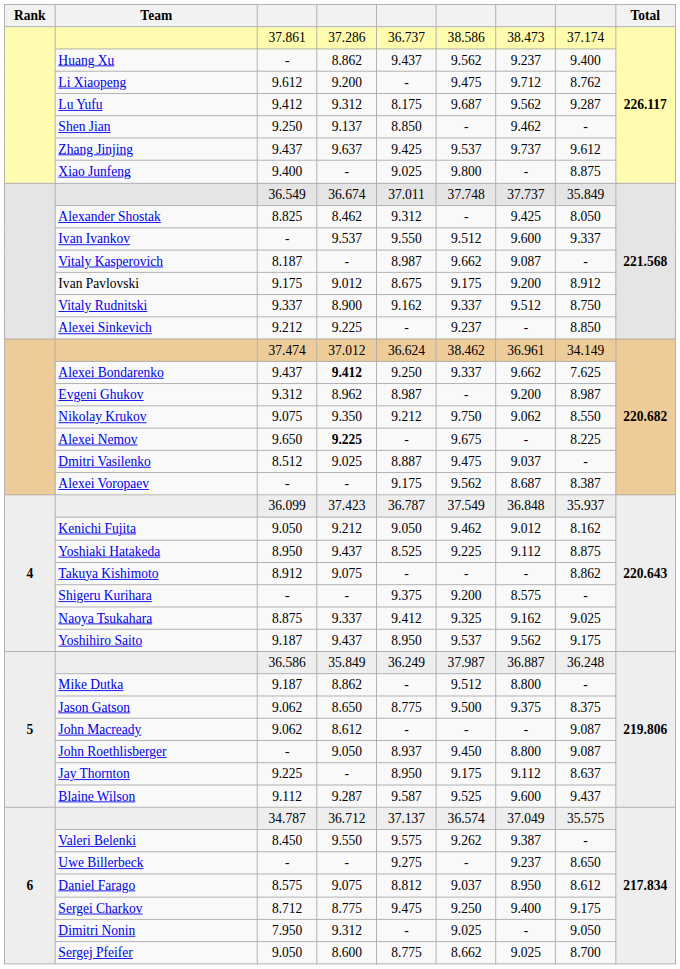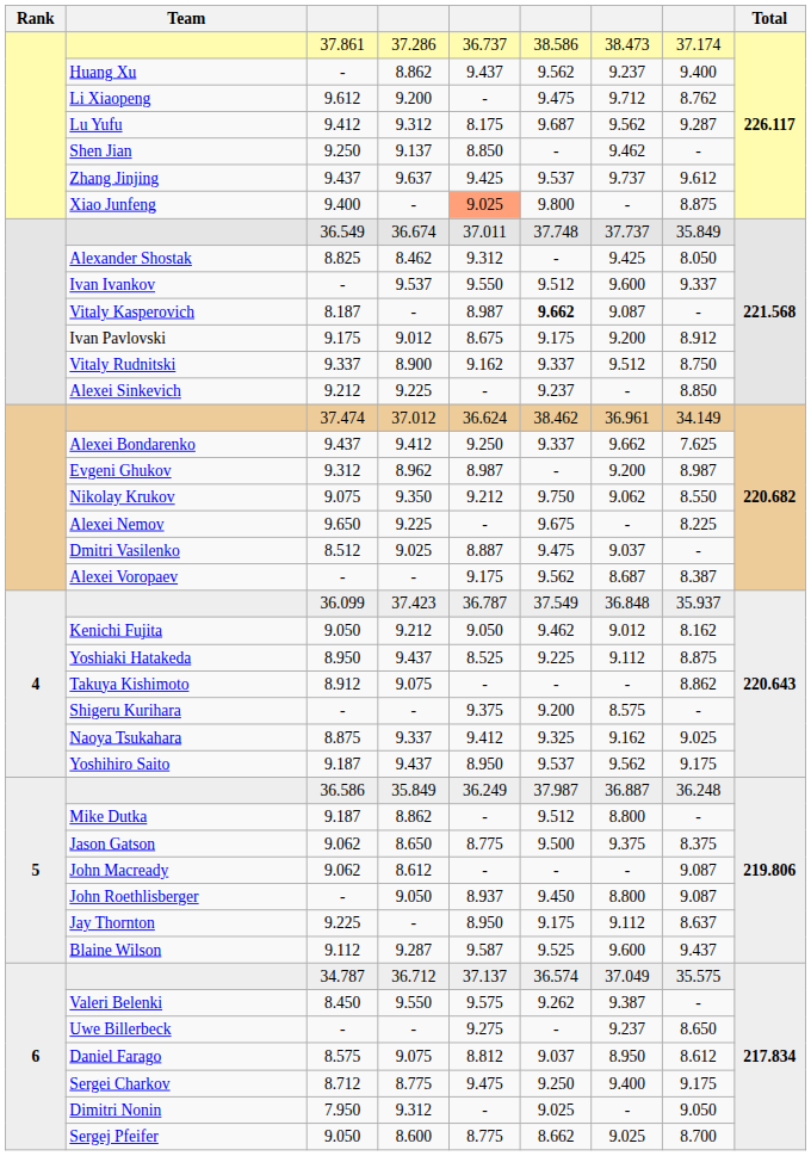 <table class="wikitable" style="text-align:center; font-size:95%">
 <tr>
 <th style="width:50px;">Rank</th>
 <th style="width:220px;">Team</th>
 <th style="width:60px;"></th>
 <th style="width:60px;"></th>
 <th style="width:60px;"></th>
 <th style="width:60px;"></th>
 <th style="width:60px;"></th>
 <th style="width:60px;"></th>
 <th style="width:60px;">Total</th>
 </tr>
 <tr style="background:#fffcaf;">
 <td rowspan=7></td>
 <td style="text-align:left;"><strong></strong></td>
 <td>37.861</td>
 <td>37.286</td>
 <td>36.737</td>
 <td>38.586</td>
 <td>38.473</td>
 <td>37.174</td>
 <td rowspan=7><strong>226.117</strong></td>
 </tr>
 <tr>
 <td style="text-align:left;"><a href='#'>Huang Xu</a></td>
 <td>-</td>
 <td>8.862</td>
 <td>9.437</td>
 <td>9.562</td>
 <td>9.237</td>
 <td>9.400</td>
 </tr>
 <tr>
 <td style="text-align:left;"><a href='#'>Li Xiaopeng</a></td>
 <td>9.612</td>
 <td>9.200</td>
 <td>-</td>
 <td>9.475</td>
 <td>9.712</td>
 <td>8.762</td>
 </tr>
 <tr>
 <td style="text-align:left;"><a href='#'>Lu Yufu</a></td>
 <td>9.412</td>
 <td>9.312</td>
 <td>8.175</td>
 <td>9.687</td>
 <td>9.562</td>
 <td>9.287</td>
 </tr>
 <tr>
 <td style="text-align:left;"><a href='#'>Shen Jian</a></td>
 <td>9.250</td>
 <td>9.137</td>
 <td>8.850</td>
 <td>-</td>
 <td>9.462</td>
 <td>-</td>
 </tr>
 <tr>
 <td style="text-align:left;"><a href='#'>Zhang Jinjing</a></td>
 <td>9.437</td>
 <td>9.637</td>
 <td>9.425</td>
 <td>9.537</td>
 <td>9.737</td>
 <td>9.612</td>
 </tr>
 <tr>
 <td style="text-align:left;"><a href='#'>Xiao Junfeng</a></td>
 <td>9.400</td>
 <td>-</td>
-<td>9.025</td>
+<td style="background: lightsalmon;">9.025</td>
 <td>9.800</td>
 <td>-</td>
 <td>8.875</td>
 </tr>
 <tr style="background:#e5e5e5;">
 <td rowspan=7></td>
 <td style="text-align:left;"><strong></strong></td>
 <td>36.549</td>
 <td>36.674</td>
 <td>37.011</td>
 <td>37.748</td>
 <td>37.737</td>
 <td>35.849</td>
 <td rowspan=7><strong>221.568</strong></td>
 </tr>
 <tr>
 <td style="text-align:left;"><a href='#'>Alexander Shostak</a></td>
 <td>8.825</td>
 <td>8.462</td>
 <td>9.312</td>
 <td>-</td>
 <td>9.425</td>
 <td>8.050</td>
 </tr>
 <tr>
 <td style="text-align:left;"><a href='#'>Ivan Ivankov</a></td>
 <td>-</td>
 <td>9.537</td>
 <td>9.550</td>
 <td>9.512</td>
 <td>9.600</td>
 <td>9.337</td>
 </tr>
 <tr>
 <td style="text-align:left;"><a href='#'>Vitaly Kasperovich</a></td>
 <td>8.187</td>
 <td>-</td>
 <td>8.987</td>
-<td>9.662</td>
+<td><strong>9.662</strong></td>
 <td>9.087</td>
 <td>-</td>
 </tr>
 <tr>
 <td style="text-align:left;">Ivan Pavlovski</td>
 <td>9.175</td>
 <td>9.012</td>
 <td>8.675</td>
 <td>9.175</td>
 <td>9.200</td>
 <td>8.912</td>
 </tr>
 <tr>
 <td style="text-align:left;"><a href='#'>Vitaly Rudnitski</a></td>
 <td>9.337</td>
 <td>8.900</td>
 <td>9.162</td>
 <td>9.337</td>
 <td>9.512</td>
 <td>8.750</td>
 </tr>
 <tr>
 <td style="text-align:left;"><a href='#'>Alexei Sinkevich</a></td>
 <td>9.212</td>
 <td>9.225</td>
 <td>-</td>
 <td>9.237</td>
 <td>-</td>
 <td>8.850</td>
 </tr>
 <tr style="background:#ec9;">
 <td rowspan=7></td>
 <td style="text-align:left;"><strong></strong></td>
 <td>37.474</td>
 <td>37.012</td>
 <td>36.624</td>
 <td>38.462</td>
 <td>36.961</td>
 <td>34.149</td>
 <td rowspan=7><strong>220.682</strong></td>
 </tr>
 <tr>
 <td style="text-align:left;"><a href='#'>Alexei Bondarenko</a></td>
 <td>9.437</td>
-<td><strong>9.412</strong></td>
+<td>9.412</td>
 <td>9.250</td>
 <td>9.337</td>
 <td>9.662</td>
 <td>7.625</td>
 </tr>
 <tr>
 <td style="text-align:left;"><a href='#'>Evgeni Ghukov</a></td>
 <td>9.312</td>
 <td>8.962</td>
 <td>8.987</td>
 <td>-</td>
 <td>9.200</td>
 <td>8.987</td>
 </tr>
 <tr>
 <td style="text-align:left;"><a href='#'>Nikolay Krukov</a></td>
 <td>9.075</td>
 <td>9.350</td>
 <td>9.212</td>
 <td>9.750</td>
 <td>9.062</td>
 <td>8.550</td>
 </tr>
 <tr>
 <td style="text-align:left;"><a href='#'>Alexei Nemov</a></td>
 <td>9.650</td>
-<td><strong>9.225</strong></td>
+<td>9.225</td>
 <td>-</td>
 <td>9.675</td>
 <td>-</td>
 <td>8.225</td>
 </tr>
 <tr>
 <td style="text-align:left;"><a href='#'>Dmitri Vasilenko</a></td>
 <td>8.512</td>
 <td>9.025</td>
 <td>8.887</td>
 <td>9.475</td>
 <td>9.037</td>
 <td>-</td>
 </tr>
 <tr>
 <td style="text-align:left;"><a href='#'>Alexei Voropaev</a></td>
 <td>-</td>
 <td>-</td>
 <td>9.175</td>
 <td>9.562</td>
 <td>8.687</td>
 <td>8.387</td>
 </tr>
 <tr style="background:#eee;">
 <td rowspan=7><strong>4</strong></td>
 <td style="text-align:left;"><strong></strong></td>
 <td>36.099</td>
 <td>37.423</td>
 <td>36.787</td>
 <td>37.549</td>
 <td>36.848</td>
 <td>35.937</td>
 <td rowspan=7><strong>220.643</strong></td>
 </tr>
 <tr>
 <td style="text-align:left;"><a href='#'>Kenichi Fujita</a></td>
 <td>9.050</td>
 <td>9.212</td>
 <td>9.050</td>
 <td>9.462</td>
 <td>9.012</td>
 <td>8.162</td>
 </tr>
 <tr>
 <td style="text-align:left;"><a href='#'>Yoshiaki Hatakeda</a></td>
 <td>8.950</td>
 <td>9.437</td>
 <td>8.525</td>
 <td>9.225</td>
 <td>9.112</td>
 <td>8.875</td>
 </tr>
 <tr>
 <td style="text-align:left;"><a href='#'>Takuya Kishimoto</a></td>
 <td>8.912</td>
 <td>9.075</td>
 <td>-</td>
 <td>-</td>
 <td>-</td>
 <td>8.862</td>
 </tr>
 <tr>
 <td style="text-align:left;"><a href='#'>Shigeru Kurihara</a></td>
 <td>-</td>
 <td>-</td>
 <td>9.375</td>
 <td>9.200</td>
 <td>8.575</td>
 <td>-</td>
 </tr>
 <tr>
 <td style="text-align:left;"><a href='#'>Naoya Tsukahara</a></td>
 <td>8.875</td>
 <td>9.337</td>
 <td>9.412</td>
 <td>9.325</td>
 <td>9.162</td>
 <td>9.025</td>
 </tr>
 <tr>
 <td style="text-align:left;"><a href='#'>Yoshihiro Saito</a></td>
 <td>9.187</td>
 <td>9.437</td>
 <td>8.950</td>
 <td>9.537</td>
 <td>9.562</td>
 <td>9.175</td>
 </tr>
 <tr style="background:#eee;">
 <td rowspan=7><strong>5</strong></td>
 <td style="text-align:left;"><strong></strong></td>
 <td>36.586</td>
 <td>35.849</td>
 <td>36.249</td>
 <td>37.987</td>
 <td>36.887</td>
 <td>36.248</td>
 <td rowspan=7><strong>219.806</strong></td>
 </tr>
 <tr>
 <td style="text-align:left;"><a href='#'>Mike Dutka</a></td>
 <td>9.187</td>
 <td>8.862</td>
 <td>-</td>
 <td>9.512</td>
 <td>8.800</td>
 <td>-</td>
 </tr>
 <tr>
 <td style="text-align:left;"><a href='#'>Jason Gatson</a></td>
 <td>9.062</td>
 <td>8.650</td>
 <td>8.775</td>
 <td>9.500</td>
 <td>9.375</td>
 <td>8.375</td>
 </tr>
 <tr>
 <td style="text-align:left;"><a href='#'>John Macready</a></td>
 <td>9.062</td>
 <td>8.612</td>
 <td>-</td>
 <td>-</td>
 <td>-</td>
 <td>9.087</td>
 </tr>
 <tr>
 <td style="text-align:left;"><a href='#'>John Roethlisberger</a></td>
 <td>-</td>
 <td>9.050</td>
 <td>8.937</td>
 <td>9.450</td>
 <td>8.800</td>
 <td>9.087</td>
 </tr>
 <tr>
 <td style="text-align:left;"><a href='#'>Jay Thornton</a></td>
 <td>9.225</td>
 <td>-</td>
 <td>8.950</td>
 <td>9.175</td>
 <td>9.112</td>
 <td>8.637</td>
 </tr>
 <tr>
 <td style="text-align:left;"><a href='#'>Blaine Wilson</a></td>
 <td>9.112</td>
 <td>9.287</td>
 <td>9.587</td>
 <td>9.525</td>
 <td>9.600</td>
 <td>9.437</td>
 </tr>
 <tr style="background:#eee;">
 <td rowspan=7><strong>6</strong></td>
 <td style="text-align:left;"><strong></strong></td>
 <td>34.787</td>
 <td>36.712</td>
 <td>37.137</td>
 <td>36.574</td>
 <td>37.049</td>
 <td>35.575</td>
 <td rowspan=7><strong>217.834</strong></td>
 </tr>
 <tr>
 <td style="text-align:left;"><a href='#'>Valeri Belenki</a></td>
 <td>8.450</td>
 <td>9.550</td>
 <td>9.575</td>
 <td>9.262</td>
 <td>9.387</td>
 <td>-</td>
 </tr>
 <tr>
 <td style="text-align:left;"><a href='#'>Uwe Billerbeck</a></td>
 <td>-</td>
 <td>-</td>
 <td>9.275</td>
 <td>-</td>
 <td>9.237</td>
 <td>8.650</td>
 </tr>
 <tr>
 <td style="text-align:left;"><a href='#'>Daniel Farago</a></td>
 <td>8.575</td>
 <td>9.075</td>
 <td>8.812</td>
 <td>9.037</td>
 <td>8.950</td>
 <td>8.612</td>
 </tr>
 <tr>
 <td style="text-align:left;"><a href='#'>Sergei Charkov</a></td>
 <td>8.712</td>
 <td>8.775</td>
 <td>9.475</td>
 <td>9.250</td>
 <td>9.400</td>
 <td>9.175</td>
 </tr>
 <tr>
 <td style="text-align:left;"><a href='#'>Dimitri Nonin</a></td>
 <td>7.950</td>
 <td>9.312</td>
 <td>-</td>
 <td>9.025</td>
 <td>-</td>
 <td>9.050</td>
 </tr>
 <tr>
 <td style="text-align:left;"><a href='#'>Sergej Pfeifer</a></td>
 <td>9.050</td>
 <td>8.600</td>
 <td>8.775</td>
 <td>8.662</td>
 <td>9.025</td>
 <td>8.700</td>
 </tr>
 </table>
